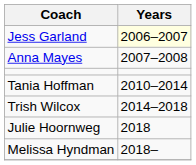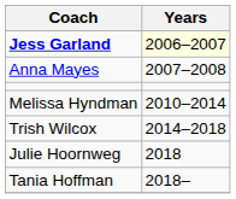 <table class="wikitable collapsible">
 <tr>
 <th>Coach</th>
 <th>Years</th>
 </tr>
 <tr>
-<td> <a href='#'>Jess Garland</a></td>
+<td><strong> <a href='#'>Jess Garland</a></strong></td>
 <td style="background: lightyellow;">2006–2007</td>
 </tr>
 <tr>
 <td> <a href='#'>Anna Mayes</a></td>
 <td>2007–2008</td>
 </tr>
 <tr>
 <td></td>
 </tr>
 <tr>
-<td> Tania Hoffman</td>
+<td> Melissa Hyndman</td>
 <td>2010–2014</td>
 </tr>
 <tr>
 <td> Trish Wilcox</td>
 <td>2014–2018</td>
 </tr>
 <tr>
 <td> Julie Hoornweg</td>
 <td>2018</td>
 </tr>
 <tr>
-<td> Melissa Hyndman</td>
+<td> Tania Hoffman</td>
 <td>2018–</td>
 </tr>
 <tr>
 </tr>
 </table>
